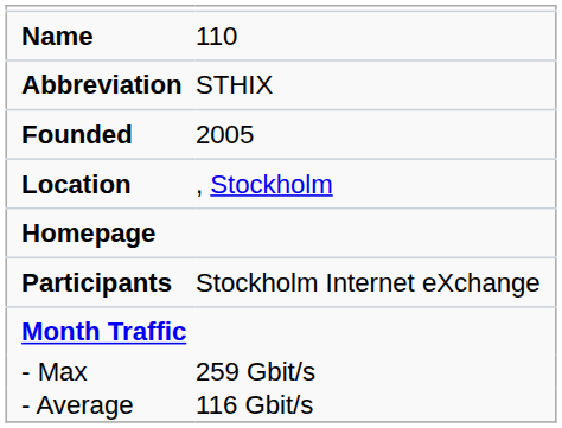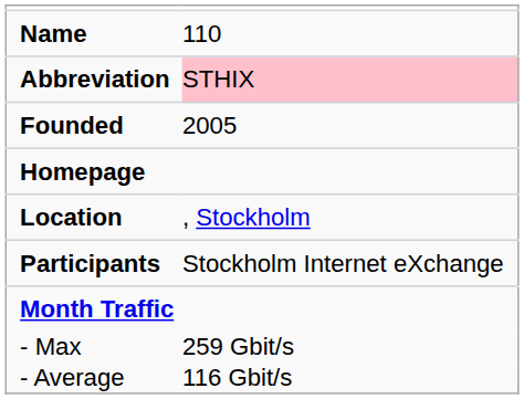 <table class="infobox" style="padding: 5px; font-size: 90%; border-collapse: collapse; cellspacing: 0px;">
 <tr>
 <td colspan="2" style="text-align: center; background-color: #ffffff;"></td>
 </tr>
 <tr>
 <td style="padding: 5px; padding-left: 8px; font-weight: bold; border-top: solid 1px #ccd2d9;">Name</td>
 <td style="padding: 5px; padding-left: 0px; padding-right: 8px; border-top: solid 1px #ccd2d9;">110</td>
 </tr>
 <tr>
 <td style="padding: 5px; padding-left: 8px; font-weight: bold; border-top: solid 1px #ccd2d9;">Abbreviation</td>
-<td style="padding: 5px; padding-left: 0px; padding-right: 8px; border-top: solid 1px #ccd2d9;">STHIX</td>
+<td style="background: pink; padding: 5px; padding-left: 0px; padding-right: 8px; border-top: solid 1px #ccd2d9;">STHIX</td>
 </tr>
 <tr>
 <td style="padding: 5px; padding-left: 8px; font-weight: bold; border-top: solid 1px #ccd2d9;">Founded</td>
 <td style="padding: 5px; padding-left: 0px; padding-right: 8px; border-top: solid 1px #ccd2d9;">2005</td>
 </tr>
 <tr>
+<td style="padding: 5px; padding-left: 8px; font-weight: bold; border-top: solid 1px #ccd2d9;">Homepage</td>
+<td style="padding: 5px; padding-left: 0px; padding-right: 8px; border-top: solid 1px #ccd2d9;"></td>
+</tr>
+<tr>
 <td style="padding: 5px; padding-left: 8px; font-weight: bold; border-top: solid 1px #ccd2d9;">Location</td>
 <td style="padding: 5px; padding-left: 0px; padding-right: 8px; border-top: solid 1px #ccd2d9;">, <a href='#'>Stockholm</a></td>
-</tr>
-<tr>
-<td style="padding: 5px; padding-left: 8px; font-weight: bold; border-top: solid 1px #ccd2d9;">Homepage</td>
-<td style="padding: 5px; padding-left: 0px; padding-right: 8px; border-top: solid 1px #ccd2d9;"></td>
 </tr>
 <tr>
 <td style="padding: 5px; padding-left: 8px; font-weight: bold; border-top: solid 1px #ccd2d9;">Participants</td>
 <td style="padding: 5px; padding-left: 0px; padding-right: 8px; border-top: solid 1px #ccd2d9;">Stockholm Internet eXchange</td>
 </tr>
 <tr>
 <td style="padding: 5px; padding-left: 8px; font-weight: bold; border-top: solid 1px #ccd2d9;"><a href='#'>Month Traffic</a></td>
 <td style="padding: 5px; padding-left: 0px; padding-right: 8px; border-top: solid 1px #ccd2d9;"> </td>
 </tr>
 <tr>
 <td style="padding-left: 5px; padding-left: 8px;">- Max</td>
 <td style="padding-left: 0px; padding-right: 8px;">259 Gbit/s</td>
 </tr>
 <tr>
 <td style="padding-left: 5px; padding-left: 8px;">- Average</td>
 <td style="padding-left: 0px; padding-right: 8px;">116 Gbit/s</td>
 </tr>
 </table>
